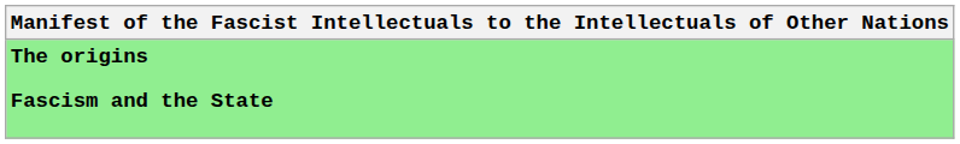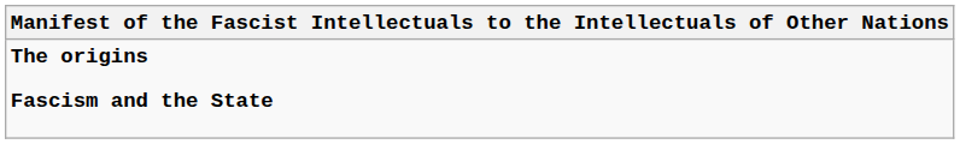 <table class="wikitable collapsible collapsed">
 <tr>
 <th> <strong>Manifest of the Fascist Intellectuals to the Intellectuals of Other Nations</strong></th>
 </tr>
 <tr>
-<td style="background: lightgreen;"><strong>The origins</strong><br><blockquote></blockquote> <strong>Fascism and the State</strong> <blockquote></blockquote></td>
+<td><strong>The origins</strong><br><blockquote></blockquote> <strong>Fascism and the State</strong> <blockquote></blockquote></td>
 </tr>
 </table>
